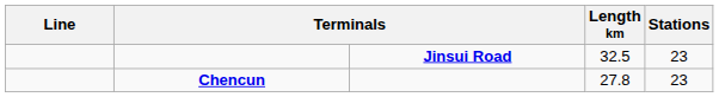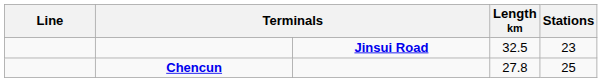 <table class="wikitable" style="cell-padding:1.5; font-size:96%; text-align:center;">
 <tr>
 <th data-sort-type="text"style="width:100px;">Line</th>
 <th class="unsortable" colspan="2" style="width:400px; line-height:1.05">Terminals</th>
 <th style="line-height:1.05">Length<br><small>km</small></th>
 <th style="line-height:1.05">Stations</th>
 </tr>
 <tr>
 <td style="text-align:center; line-height:1.05"></td>
 <td style="text-align:center; width:225px; line-height:1.05"><strong></strong></td>
 <td style="text-align:center; width:225px; line-height:1.05"><strong><a href='#'>Jinsui Road</a></strong></td>
 <td style="text-align:center; line-height:1.05">32.5</td>
 <td style="text-align:center; line-height:1.05">23</td>
 </tr>
 <tr>
 <td style="text-align:center; line-height:1.05"></td>
 <td style="text-align:center; width:225px; line-height:1.05"><strong><a href='#'>Chencun</a></strong></td>
 <td style="text-align:center; width:225px; line-height:1.05"><strong></strong></td>
 <td style="text-align:center; line-height:1.05">27.8</td>
-<td style="text-align:center; line-height:1.05">23<br></td>
+<td style="text-align:center; line-height:1.05">25<br></td>
 </tr>
 </table>
